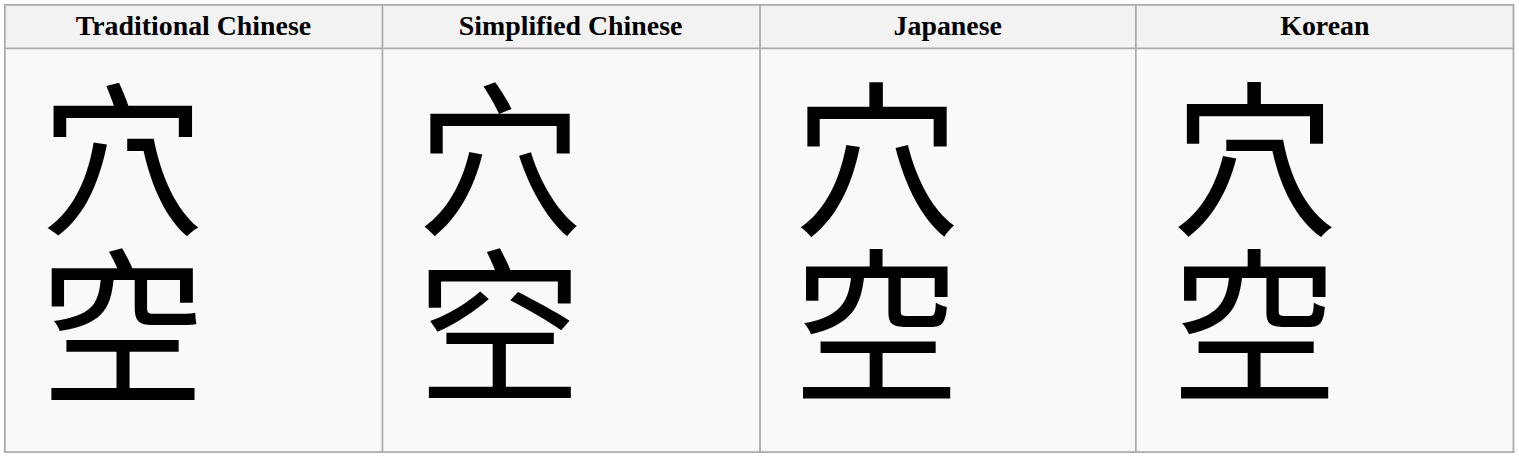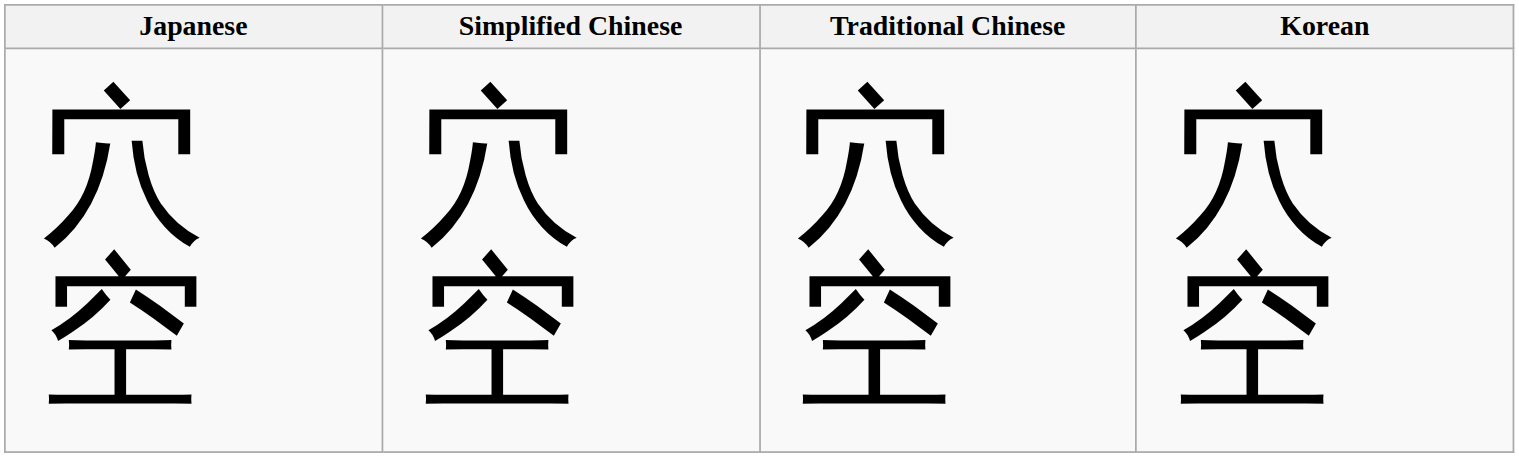 <table class="wikitable">
 <tr>
+<th>Japanese</th>
+<th>Simplified Chinese</th>
 <th>Traditional Chinese</th>
-<th>Simplified Chinese</th>
-<th>Japanese</th>
 <th>Korean</th>
 </tr>
 <tr style="font-size:6em;font-family:serif;line-height:100%;">
+<td lang="ja">穴 空</td>
+<td lang="zh-cn">穴 空</td>
 <td lang="zh-tw">穴 空</td>
-<td lang="zh-cn">穴 空</td>
-<td lang="ja">穴 空</td>
 <td lang="ko">穴 空</td>
 </tr>
 </table>
